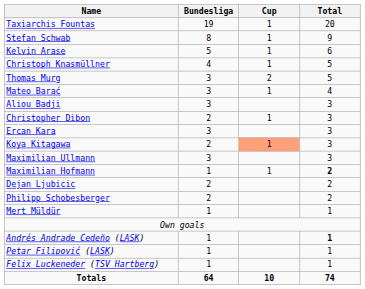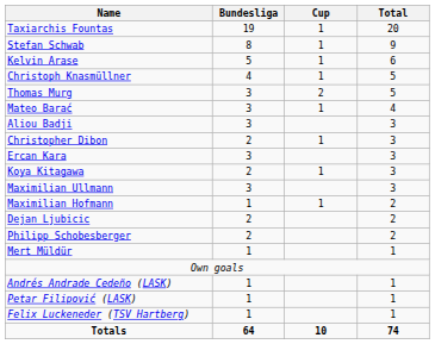 <table class="wikitable sortable" style="text-align: center;">
 <tr>
 <th class="unsortable" width=270>Name</th>
 <th width=90>Bundesliga</th>
 <th width=90>Cup</th>
 <th width=90><strong>Total</strong></th>
 </tr>
 <tr>
 <td align="left"> <a href='#'>Taxiarchis Fountas</a></td>
 <td>19</td>
 <td>1</td>
 <td>20</td>
 </tr>
 <tr>
 <td align="left"> <a href='#'>Stefan Schwab</a></td>
 <td>8</td>
 <td>1</td>
 <td>9</td>
 </tr>
 <tr>
 <td align="left"> <a href='#'>Kelvin Arase</a></td>
 <td>5</td>
 <td>1</td>
 <td>6</td>
 </tr>
 <tr>
 <td align="left"> <a href='#'>Christoph Knasmüllner</a></td>
 <td>4</td>
 <td>1</td>
 <td>5</td>
 </tr>
 <tr>
 <td align="left"> <a href='#'>Thomas Murg</a></td>
 <td>3</td>
 <td>2</td>
 <td>5</td>
 </tr>
 <tr>
 <td align="left"> <a href='#'>Mateo Barać</a></td>
 <td>3</td>
 <td>1</td>
 <td>4</td>
 </tr>
 <tr>
 <td align="left"> <a href='#'>Aliou Badji</a></td>
 <td>3</td>
 <td></td>
 <td>3</td>
 </tr>
 <tr>
 <td align="left"> <a href='#'>Christopher Dibon</a></td>
 <td>2</td>
 <td>1</td>
 <td>3</td>
 </tr>
 <tr>
 <td align="left"> <a href='#'>Ercan Kara</a></td>
 <td>3</td>
 <td></td>
 <td>3</td>
 </tr>
 <tr>
 <td align="left"> <a href='#'>Koya Kitagawa</a></td>
 <td>2</td>
-<td style="background: lightsalmon;">1</td>
+<td>1</td>
 <td>3</td>
 </tr>
 <tr>
 <td align="left"> <a href='#'>Maximilian Ullmann</a></td>
 <td>3</td>
 <td></td>
 <td>3</td>
 </tr>
 <tr>
 <td align="left"> <a href='#'>Maximilian Hofmann</a></td>
 <td>1</td>
 <td>1</td>
-<td><strong>2</strong></td>
+<td>2</td>
 </tr>
 <tr>
 <td align="left"> <a href='#'>Dejan Ljubicic</a></td>
 <td>2</td>
 <td></td>
 <td>2</td>
 </tr>
 <tr>
 <td align="left"> <a href='#'>Philipp Schobesberger</a></td>
 <td>2</td>
 <td></td>
 <td>2</td>
 </tr>
 <tr>
 <td align="left"> <a href='#'>Mert Müldür</a></td>
 <td>1</td>
 <td></td>
 <td>1</td>
 </tr>
 <tr class="sortbottom">
 <td colspan="4"><em>Own goals</em></td>
 </tr>
 <tr class="sortbottom">
 <td align="left"> <em><a href='#'>Andrés Andrade Cedeño</a> (<a href='#'>LASK</a>)</em></td>
 <td>1</td>
 <td></td>
-<td><strong>1</strong></td>
+<td>1</td>
 </tr>
 <tr class="sortbottom">
 <td align="left"> <em><a href='#'>Petar Filipović</a> (<a href='#'>LASK</a>)</em></td>
 <td>1</td>
 <td></td>
 <td>1</td>
 </tr>
 <tr class="sortbottom">
 <td align="left"> <em><a href='#'>Felix Luckeneder</a> (<a href='#'>TSV Hartberg</a>)</em></td>
 <td>1</td>
 <td></td>
 <td>1</td>
 </tr>
 <tr class="sortbottom">
 <td><strong>Totals</strong></td>
 <td><strong>64</strong></td>
 <td><strong>10</strong></td>
 <td><strong>74</strong></td>
 </tr>
 </table>
